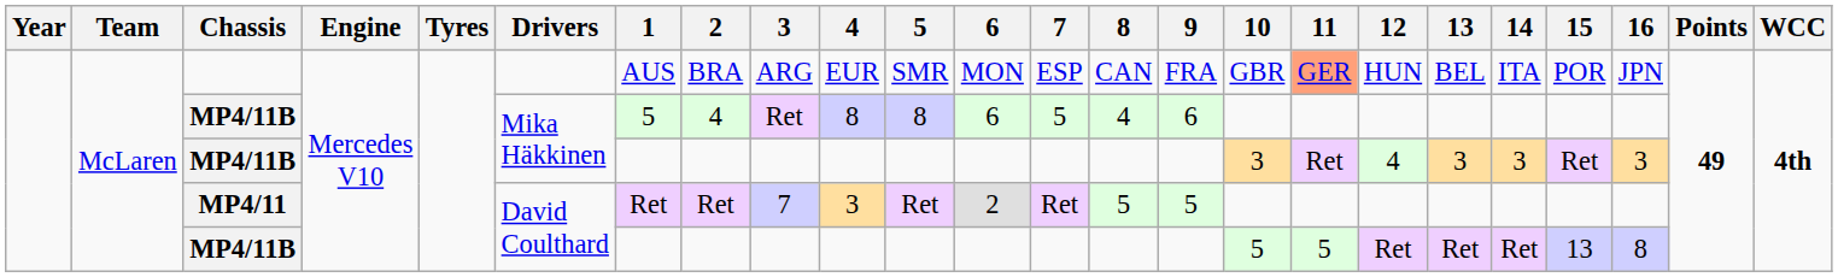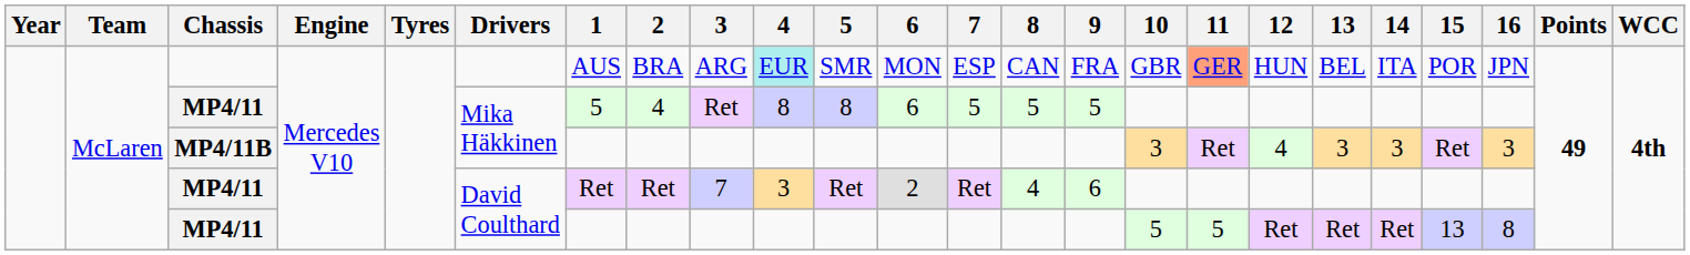 <table class="wikitable" style="text-align:center; font-size:95%">
 <tr>
 <th>Year</th>
 <th>Team</th>
 <th>Chassis</th>
 <th>Engine</th>
 <th>Tyres</th>
 <th>Drivers</th>
 <th>1</th>
 <th>2</th>
 <th>3</th>
 <th>4</th>
 <th>5</th>
 <th>6</th>
 <th>7</th>
 <th>8</th>
 <th>9</th>
 <th>10</th>
 <th>11</th>
 <th>12</th>
 <th>13</th>
 <th>14</th>
 <th>15</th>
 <th>16</th>
 <th>Points</th>
 <th>WCC</th>
 </tr>
 <tr>
 <td rowspan="5"></td>
 <td rowspan="5"><a href='#'>McLaren</a></td>
 <td></td>
 <td rowspan="5"><a href='#'>Mercedes</a> <a href='#'>V10</a></td>
 <td rowspan="5"></td>
 <td></td>
 <td><a href='#'>AUS</a></td>
 <td><a href='#'>BRA</a></td>
 <td><a href='#'>ARG</a></td>
-<td><a href='#'>EUR</a></td>
+<td style="background: paleturquoise;"><a href='#'>EUR</a></td>
 <td><a href='#'>SMR</a></td>
 <td><a href='#'>MON</a></td>
 <td><a href='#'>ESP</a></td>
 <td><a href='#'>CAN</a></td>
 <td><a href='#'>FRA</a></td>
 <td><a href='#'>GBR</a></td>
 <td style="background: lightsalmon;"><a href='#'>GER</a></td>
 <td><a href='#'>HUN</a></td>
 <td><a href='#'>BEL</a></td>
 <td><a href='#'>ITA</a></td>
 <td><a href='#'>POR</a></td>
 <td><a href='#'>JPN</a></td>
 <td rowspan="5"><strong>49</strong></td>
 <td rowspan="5"><strong>4th</strong></td>
 </tr>
 <tr>
-<th>MP4/11B</th>
+<th>MP4/11</th>
 <td align="left" rowspan="2"><a href='#'>Mika Häkkinen</a></td>
 <td style="background:#DFFFDF;">5</td>
 <td style="background:#DFFFDF;">4</td>
 <td style="background:#EFCFFF;">Ret</td>
 <td style="background:#CFCFFF;">8</td>
 <td style="background:#CFCFFF;">8</td>
 <td style="background:#DFFFDF;">6</td>
 <td style="background:#DFFFDF;">5</td>
-<td style="background:#DFFFDF;">4</td>
-<td style="background:#DFFFDF;">6</td>
+<td style="background:#DFFFDF;">5</td>
+<td style="background:#DFFFDF;">5</td>
 <td></td>
 <td></td>
 <td></td>
 <td></td>
 <td></td>
 <td></td>
 <td></td>
 </tr>
 <tr>
 <th>MP4/11B</th>
 <td></td>
 <td></td>
 <td></td>
 <td></td>
 <td></td>
 <td></td>
 <td></td>
 <td></td>
 <td></td>
 <td style="background:#FFDF9F;">3</td>
 <td style="background:#EFCFFF;">Ret</td>
 <td style="background:#DFFFDF;">4</td>
 <td style="background:#FFDF9F;">3</td>
 <td style="background:#FFDF9F;">3</td>
 <td style="background:#EFCFFF;">Ret</td>
 <td style="background:#FFDF9F;">3</td>
 </tr>
 <tr>
 <th>MP4/11</th>
 <td align="left" rowspan="2"><a href='#'>David Coulthard</a></td>
 <td style="background:#EFCFFF;">Ret</td>
 <td style="background:#EFCFFF;">Ret</td>
 <td style="background:#CFCFFF;">7</td>
 <td style="background:#FFDF9F;">3</td>
 <td style="background:#EFCFFF;">Ret</td>
 <td style="background:#DFDFDF;">2</td>
 <td style="background:#EFCFFF;">Ret</td>
-<td style="background:#DFFFDF;">5</td>
-<td style="background:#DFFFDF;">5</td>
+<td style="background:#DFFFDF;">4</td>
+<td style="background:#DFFFDF;">6</td>
 <td></td>
 <td></td>
 <td></td>
 <td></td>
 <td></td>
 <td></td>
 <td></td>
 </tr>
 <tr>
-<th>MP4/11B</th>
+<th>MP4/11</th>
 <td></td>
 <td></td>
 <td></td>
 <td></td>
 <td></td>
 <td></td>
 <td></td>
 <td></td>
 <td></td>
 <td style="background:#DFFFDF;">5</td>
 <td style="background:#DFFFDF;">5</td>
 <td style="background:#EFCFFF;">Ret</td>
 <td style="background:#EFCFFF;">Ret</td>
 <td style="background:#EFCFFF;">Ret</td>
 <td style="background:#CFCFFF;">13</td>
 <td style="background:#CFCFFF;">8</td>
 </tr>
 </table>
